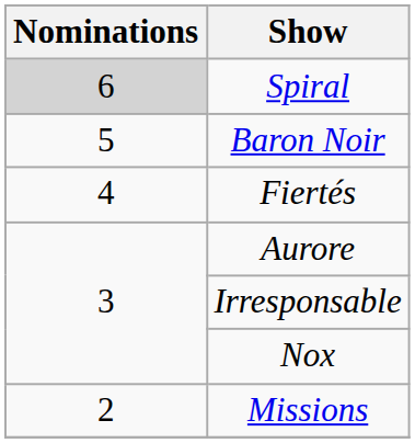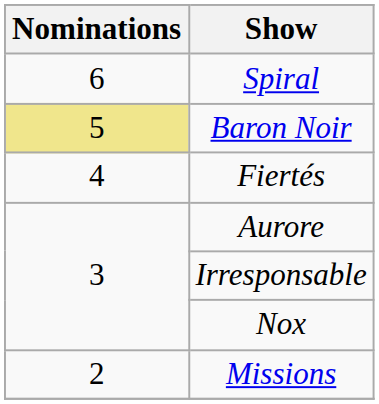 <table class="wikitable sortable" style="text-align: center; max-width:29em">
 <tr>
 <th scope="col">Nominations</th>
 <th scope="col">Show</th>
 </tr>
 <tr>
-<td scope="row" rowspan="1" style="background: lightgrey;">6</td>
+<td scope="row" rowspan="1">6</td>
 <td><em><a href='#'>Spiral</a></em></td>
 </tr>
 <tr>
-<td scope="row" rowspan="1">5</td>
+<td scope="row" rowspan="1" style="background: khaki;">5</td>
 <td><em><a href='#'>Baron Noir</a></em></td>
 </tr>
 <tr>
 <td scope="row" rowspan="1">4</td>
 <td><em>Fiertés</em></td>
 </tr>
 <tr>
 <td scope="row" rowspan="3">3</td>
 <td><em>Aurore</em></td>
 </tr>
 <tr>
 <td><em>Irresponsable</em></td>
 </tr>
 <tr>
 <td><em>Nox</em></td>
 </tr>
 <tr>
 <td scope="row" rowspan="1">2</td>
 <td><em><a href='#'>Missions</a></em></td>
 </tr>
 <tr>
 </tr>
 </table>
